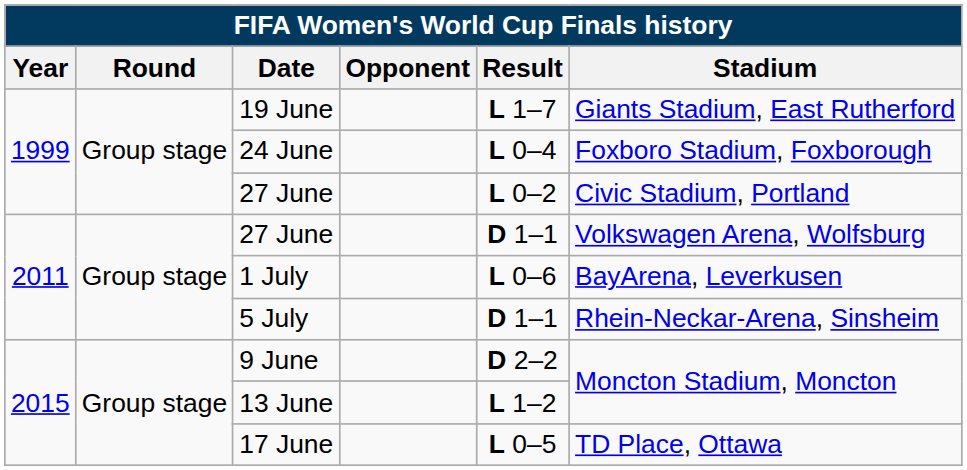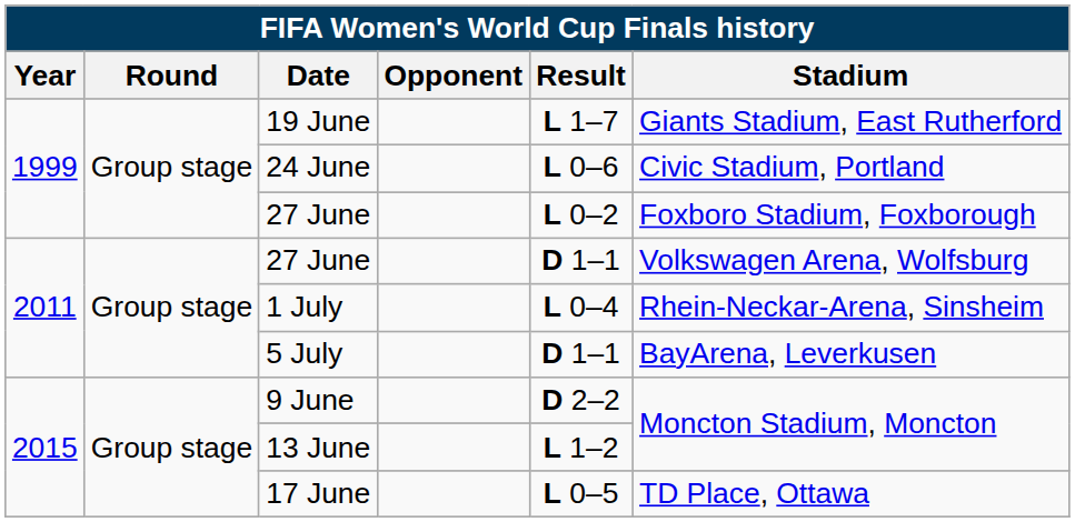 <table class="wikitable" style="text-align: center;font-size:100%;">
 <tr>
 <th colspan=6 style="background: #013A5E; color: #FFFFFF;">FIFA Women's World Cup Finals history</th>
 </tr>
 <tr>
 <th>Year</th>
 <th>Round</th>
 <th>Date</th>
 <th>Opponent</th>
 <th>Result</th>
 <th>Stadium</th>
 </tr>
 <tr>
 <td rowspan=3> <a href='#'>1999</a></td>
 <td rowspan=3>Group stage</td>
 <td align="left">19 June</td>
 <td align="left"></td>
 <td><strong>L</strong> 1–7</td>
 <td align="left"><a href='#'>Giants Stadium</a>, <a href='#'>East Rutherford</a></td>
 </tr>
 <tr>
 <td align="left">24 June</td>
 <td align="left"></td>
-<td><strong>L</strong> 0–4</td>
-<td align="left"><a href='#'>Foxboro Stadium</a>, <a href='#'>Foxborough</a></td>
+<td><strong>L</strong> 0–6</td>
+<td align="left"><a href='#'>Civic Stadium</a>, <a href='#'>Portland</a></td>
 </tr>
 <tr>
 <td align="left">27 June</td>
 <td align="left"></td>
 <td><strong>L</strong> 0–2</td>
-<td align="left"><a href='#'>Civic Stadium</a>, <a href='#'>Portland</a></td>
+<td align="left"><a href='#'>Foxboro Stadium</a>, <a href='#'>Foxborough</a></td>
 </tr>
 <tr>
 <td rowspan=3> <a href='#'>2011</a></td>
 <td rowspan=3>Group stage</td>
 <td align="left">27 June</td>
 <td align="left"></td>
 <td><strong>D</strong> 1–1</td>
 <td align="left"><a href='#'>Volkswagen Arena</a>, <a href='#'>Wolfsburg</a></td>
 </tr>
 <tr>
 <td align="left">1 July</td>
 <td align="left"></td>
-<td><strong>L</strong> 0–6</td>
-<td align="left"><a href='#'>BayArena</a>, <a href='#'>Leverkusen</a></td>
+<td><strong>L</strong> 0–4</td>
+<td align="left"><a href='#'>Rhein-Neckar-Arena</a>, <a href='#'>Sinsheim</a></td>
 </tr>
 <tr>
 <td align="left">5 July</td>
 <td align="left"></td>
 <td><strong>D</strong> 1–1</td>
-<td align="left"><a href='#'>Rhein-Neckar-Arena</a>, <a href='#'>Sinsheim</a></td>
+<td align="left"><a href='#'>BayArena</a>, <a href='#'>Leverkusen</a></td>
 </tr>
 <tr>
 <td rowspan=3> <a href='#'>2015</a></td>
 <td rowspan=3>Group stage</td>
 <td align="left">9 June</td>
 <td align="left"></td>
 <td><strong>D</strong> 2–2</td>
 <td rowspan=2 align="left"><a href='#'>Moncton Stadium</a>, <a href='#'>Moncton</a></td>
 </tr>
 <tr>
 <td align="left">13 June</td>
 <td align="left"></td>
 <td><strong>L</strong> 1–2</td>
 </tr>
 <tr>
 <td align="left">17 June</td>
 <td align="left"></td>
 <td><strong>L</strong> 0–5</td>
 <td align="left"><a href='#'>TD Place</a>, <a href='#'>Ottawa</a></td>
 </tr>
 </table>
